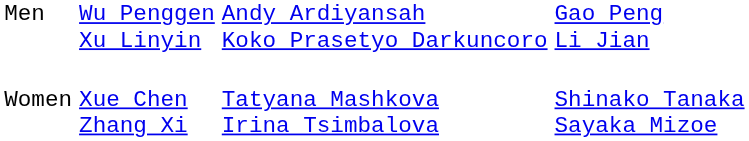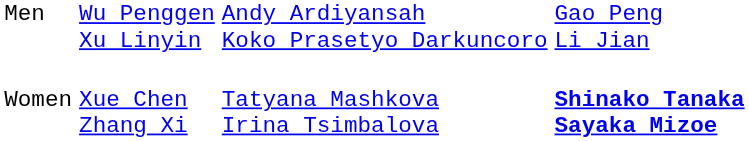 <table>
 <tr>
 <td>Men</td>
 <td><br><a href='#'>Wu Penggen</a><br><a href='#'>Xu Linyin</a></td>
 <td><br><a href='#'>Andy Ardiyansah</a><br><a href='#'>Koko Prasetyo Darkuncoro</a></td>
 <td><br><a href='#'>Gao Peng</a><br><a href='#'>Li Jian</a></td>
 </tr>
 <tr>
 <td>Women</td>
 <td><br><a href='#'>Xue Chen</a><br><a href='#'>Zhang Xi</a></td>
 <td><br><a href='#'>Tatyana Mashkova</a><br><a href='#'>Irina Tsimbalova</a></td>
-<td><br><a href='#'>Shinako Tanaka</a><br><a href='#'>Sayaka Mizoe</a></td>
+<td><strong><br><a href='#'>Shinako Tanaka</a><br><a href='#'>Sayaka Mizoe</a></strong></td>
 </tr>
 </table>
